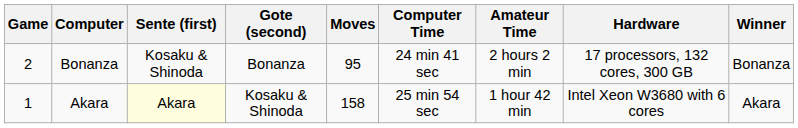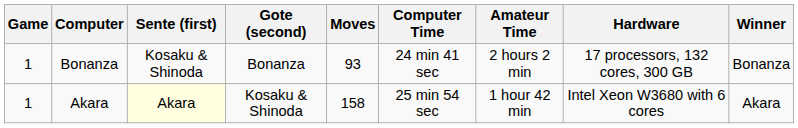 <table class="wikitable" style="text-align: center;">
 <tr>
 <th>Game</th>
 <th>Computer</th>
 <th>Sente (first)</th>
 <th>Gote (second)</th>
 <th>Moves</th>
 <th>Computer Time</th>
 <th>Amateur Time</th>
 <th>Hardware</th>
 <th>Winner</th>
 </tr>
 <tr>
-<td>2</td>
+<td>1</td>
 <td>Bonanza</td>
 <td>Kosaku & Shinoda</td>
 <td>Bonanza</td>
-<td>95</td>
+<td>93</td>
 <td>24 min 41 sec</td>
 <td>2 hours 2 min</td>
 <td>17 processors, 132 cores, 300 GB</td>
 <td>Bonanza</td>
 </tr>
 <tr>
 <td>1</td>
 <td>Akara</td>
 <td style="background: lightyellow;">Akara</td>
 <td>Kosaku & Shinoda</td>
 <td>158</td>
 <td>25 min 54 sec</td>
 <td>1 hour 42 min</td>
 <td>Intel Xeon W3680 with 6 cores</td>
 <td>Akara</td>
 </tr>
 </table>
